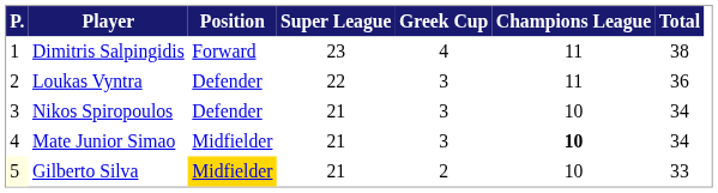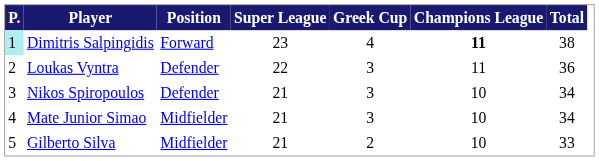 <table cellspacing="0" cellpadding="3" style="border:1px solid #AAAAAA;font-size:90%">
 <tr style="background:#191970; color:white;">
 <th>P.</th>
 <th>Player</th>
 <th>Position</th>
 <th>Super League</th>
 <th>Greek Cup</th>
 <th>Champions League</th>
 <th>Total</th>
 </tr>
 <tr>
-<td>1</td>
+<td style="background: paleturquoise;">1</td>
 <td> <a href='#'>Dimitris Salpingidis</a></td>
 <td><a href='#'>Forward</a></td>
 <td align="center">23</td>
 <td align="center">4</td>
-<td align="center">11</td>
+<td align="center"><strong>11</strong></td>
 <td align="center">38</td>
 <td align="center"></td>
 </tr>
 <tr>
 <td>2</td>
 <td> <a href='#'>Loukas Vyntra</a></td>
 <td><a href='#'>Defender</a></td>
 <td align="center">22</td>
 <td align="center">3</td>
 <td align="center">11</td>
 <td align="center">36</td>
 <td align="center"></td>
 </tr>
 <tr>
 <td>3</td>
 <td> <a href='#'>Nikos Spiropoulos</a></td>
 <td><a href='#'>Defender</a></td>
 <td align="center">21</td>
 <td align="center">3</td>
 <td align="center">10</td>
 <td align="center">34</td>
 <td align="center"></td>
 </tr>
 <tr>
 <td>4</td>
 <td> <a href='#'>Mate Junior Simao</a></td>
 <td><a href='#'>Midfielder</a></td>
 <td align="center">21</td>
 <td align="center">3</td>
-<td align="center"><strong>10</strong></td>
+<td align="center">10</td>
 <td align="center">34</td>
 <td align="center"></td>
 </tr>
 <tr>
-<td style="background: lightyellow;">5</td>
+<td>5</td>
 <td> <a href='#'>Gilberto Silva</a></td>
-<td style="background: gold;"><a href='#'>Midfielder</a></td>
+<td><a href='#'>Midfielder</a></td>
 <td align="center">21</td>
 <td align="center">2</td>
 <td align="center">10</td>
 <td align="center">33</td>
 <td align="center"></td>
 </tr>
 <tr>
 </tr>
 </table>
